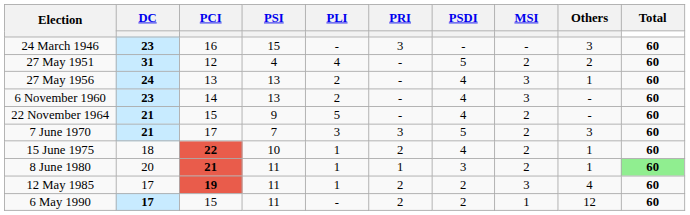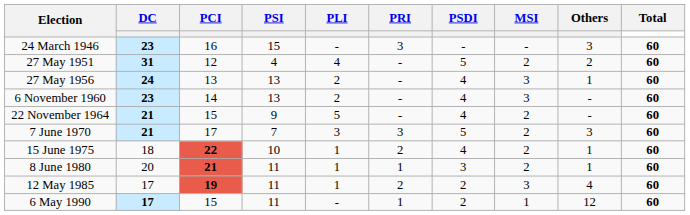 <table class="wikitable" style="text-align:center;font-size:90%;line-height:13px">
 <tr style="height:30px; background-color:#E9E9E9">
 <th style="width:120px;" rowspan="2">Election</th>
 <th style="width:65px;"><a href='#'>DC</a></th>
 <th style="width:65px;"><a href='#'>PCI</a></th>
 <th style="width:65px;"><a href='#'>PSI</a></th>
 <th style="width:65px;"><a href='#'>PLI</a></th>
 <th style="width:65px;"><a href='#'>PRI</a></th>
 <th style="width:65px;"><a href='#'>PSDI</a></th>
 <th style="width:65px;"><a href='#'>MSI</a></th>
 <th style="width:65px;">Others</th>
 <th style="width:65px;">Total</th>
 </tr>
 <tr>
 <th style="background:"></th>
 <th style="background:"></th>
 <th style="background:"></th>
 <th style="background:"></th>
 <th style="background:"></th>
 <th style="background:"></th>
 <th style="background:"></th>
 <th style="background:"></th>
 <th style="background:white;"></th>
 </tr>
 <tr>
 <td>24 March 1946</td>
 <td style="background:#C8EBFF"><strong>23</strong></td>
 <td>16</td>
 <td>15</td>
 <td>-</td>
 <td>3</td>
 <td>-</td>
 <td>-</td>
 <td>3</td>
 <td><strong>60</strong></td>
 </tr>
 <tr>
 <td>27 May 1951</td>
 <td style="background:#C8EBFF"><strong>31</strong></td>
 <td>12</td>
 <td>4</td>
 <td>4</td>
 <td>-</td>
 <td>5</td>
 <td>2</td>
 <td>2</td>
 <td><strong>60</strong></td>
 </tr>
 <tr>
 <td>27 May 1956</td>
 <td style="background:#C8EBFF"><strong>24</strong></td>
 <td>13</td>
 <td>13</td>
 <td>2</td>
 <td>-</td>
 <td>4</td>
 <td>3</td>
 <td>1</td>
 <td><strong>60</strong></td>
 </tr>
 <tr>
 <td>6 November 1960</td>
 <td style="background:#C8EBFF"><strong>23</strong></td>
 <td>14</td>
 <td>13</td>
 <td>2</td>
 <td>-</td>
 <td>4</td>
 <td>3</td>
 <td>-</td>
 <td><strong>60</strong></td>
 </tr>
 <tr>
 <td>22 November 1964</td>
 <td style="background:#C8EBFF"><strong>21</strong></td>
 <td>15</td>
 <td>9</td>
 <td>5</td>
 <td>-</td>
 <td>4</td>
 <td>2</td>
 <td>-</td>
 <td><strong>60</strong></td>
 </tr>
 <tr>
 <td>7 June 1970</td>
 <td style="background:#C8EBFF"><strong>21</strong></td>
 <td>17</td>
 <td>7</td>
 <td>3</td>
 <td>3</td>
 <td>5</td>
 <td>2</td>
 <td>3</td>
 <td><strong>60</strong></td>
 </tr>
 <tr>
 <td>15 June 1975</td>
 <td>18</td>
 <td style="background:#E95C4B"><strong>22</strong></td>
 <td>10</td>
 <td>1</td>
 <td>2</td>
 <td>4</td>
 <td>2</td>
 <td>1</td>
 <td><strong>60</strong></td>
 </tr>
 <tr>
 <td>8 June 1980</td>
 <td>20</td>
 <td style="background:#E95C4B"><strong>21</strong></td>
 <td>11</td>
 <td>1</td>
 <td>1</td>
 <td>3</td>
 <td>2</td>
 <td>1</td>
-<td style="background: lightgreen;"><strong>60</strong></td>
+<td><strong>60</strong></td>
 </tr>
 <tr>
 <td>12 May 1985</td>
 <td>17</td>
 <td style="background:#E95C4B"><strong>19</strong></td>
 <td>11</td>
 <td>1</td>
 <td>2</td>
 <td>2</td>
 <td>3</td>
 <td>4</td>
 <td><strong>60</strong></td>
 </tr>
 <tr>
 <td>6 May 1990</td>
 <td style="background:#C8EBFF"><strong>17</strong></td>
 <td>15</td>
 <td>11</td>
 <td>-</td>
-<td>2</td>
+<td>1</td>
 <td>2</td>
 <td>1</td>
 <td>12</td>
 <td><strong>60</strong></td>
 </tr>
 </table>
